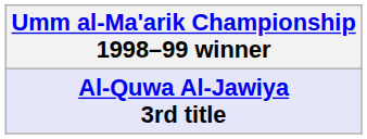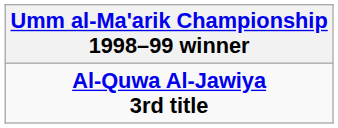 <table class="wikitable" style="text-align: center; margin: 0 auto;">
 <tr>
 <th><a href='#'>Umm al-Ma'arik Championship</a><br>1998–99 winner</th>
 </tr>
 <tr>
-<td style="background: lavender;"><strong><a href='#'>Al-Quwa Al-Jawiya</a></strong><br><strong>3rd title</strong></td>
+<td><strong><a href='#'>Al-Quwa Al-Jawiya</a></strong><br><strong>3rd title</strong></td>
 </tr>
 </table>
